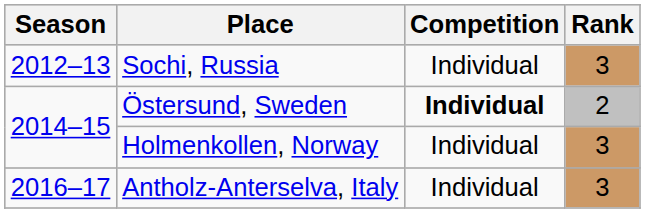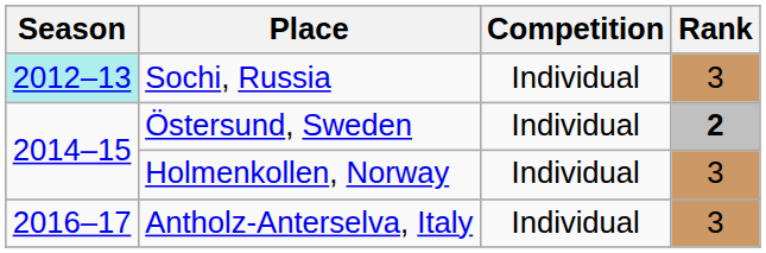 <table class="wikitable sortable" style="text-align: center;">
 <tr>
 <th>Season</th>
 <th>Place</th>
 <th>Competition</th>
 <th>Rank</th>
 </tr>
 <tr>
-<td><a href='#'>2012–13</a></td>
+<td style="background: paleturquoise;"><a href='#'>2012–13</a></td>
 <td align="left"> <a href='#'>Sochi</a>, <a href='#'>Russia</a></td>
 <td>Individual</td>
 <td bgcolor="cc9966">3</td>
 </tr>
 <tr>
 <td rowspan="2"><a href='#'>2014–15</a></td>
 <td align="left"> <a href='#'>Östersund</a>, <a href='#'>Sweden</a></td>
-<td><strong>Individual</strong></td>
-<td bgcolor=silver>2</td>
+<td>Individual</td>
+<td bgcolor=silver><strong>2</strong></td>
 </tr>
 <tr>
 <td align="left"> <a href='#'>Holmenkollen</a>, <a href='#'>Norway</a></td>
 <td>Individual</td>
 <td bgcolor="cc9966">3</td>
 </tr>
 <tr>
 <td><a href='#'>2016–17</a></td>
 <td align="left"> <a href='#'>Antholz-Anterselva</a>, <a href='#'>Italy</a></td>
 <td>Individual</td>
 <td bgcolor="cc9966">3</td>
 </tr>
 </table>
